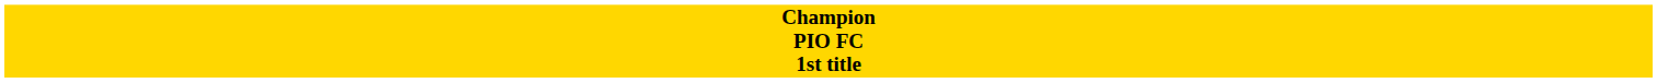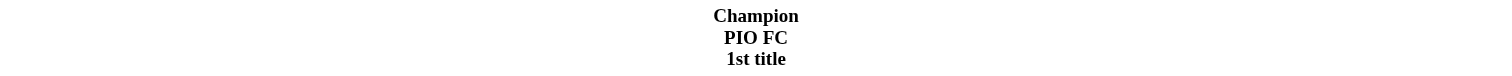 <table width="100%" cellspacing="0">
 <tr>
 <td align="center"></td>
 </tr>
 <tr>
-<td align="center" style="background: gold;"><strong>Champion<br>PIO FC<br>1st title</strong></td>
+<td align="center"><strong>Champion<br>PIO FC<br>1st title</strong></td>
 </tr>
 </table>
